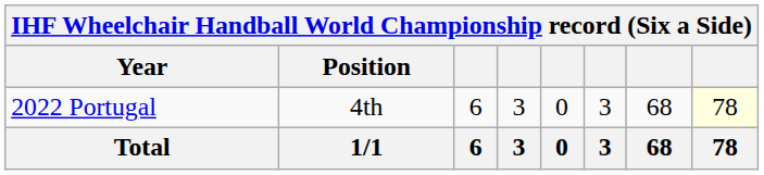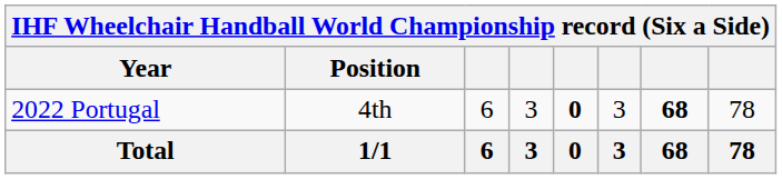 <table class="wikitable" style="text-align: center;">
 <tr>
 <th colspan=10><a href='#'>IHF Wheelchair Handball World Championship</a> record (Six a Side)</th>
 </tr>
 <tr>
 <th>Year</th>
 <th>Position</th>
 <th></th>
 <th></th>
 <th></th>
 <th></th>
 <th></th>
 <th></th>
 </tr>
 <tr>
 <td align=left> <a href='#'>2022 Portugal</a></td>
 <td>4th</td>
 <td>6</td>
 <td>3</td>
-<td>0</td>
+<td><strong>0</strong></td>
 <td>3</td>
-<td>68</td>
-<td style="background: lightyellow;">78</td>
+<td><strong>68</strong></td>
+<td>78</td>
 </tr>
 <tr>
 <th>Total</th>
 <th>1/1</th>
 <th>6</th>
 <th>3</th>
 <th>0</th>
 <th>3</th>
 <th>68</th>
 <th>78</th>
 </tr>
 </table>
